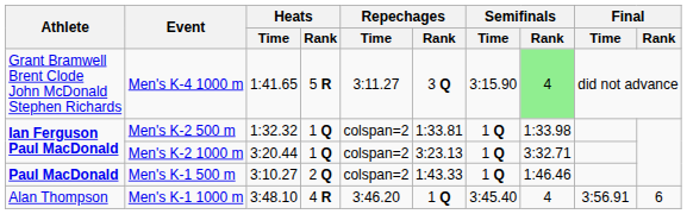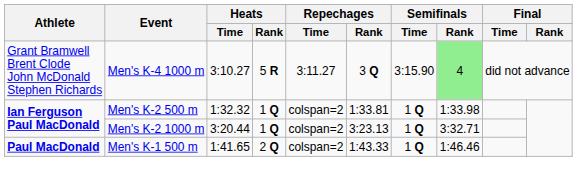 <table class="wikitable" style="font-size:90%;text-align:center;">
 <tr>
 <th rowspan=2>Athlete</th>
 <th rowspan=2>Event</th>
 <th colspan=2>Heats</th>
 <th colspan=2>Repechages</th>
 <th colspan=2>Semifinals</th>
 <th colspan=2>Final</th>
 </tr>
 <tr style="font-size:95%">
 <th>Time</th>
 <th>Rank</th>
 <th>Time</th>
 <th>Rank</th>
 <th>Time</th>
 <th>Rank</th>
 <th>Time</th>
 <th>Rank</th>
 </tr>
 <tr>
 <td align=left><a href='#'>Grant Bramwell</a><br><a href='#'>Brent Clode</a><br><a href='#'>John McDonald</a><br><a href='#'>Stephen Richards</a></td>
 <td align=left><a href='#'>Men's K-4 1000 m</a></td>
-<td>1:41.65</td>
+<td>3:10.27</td>
 <td>5 <strong>R</strong></td>
 <td>3:11.27</td>
 <td>3 <strong>Q</strong></td>
 <td>3:15.90</td>
 <td style="background: lightgreen;">4</td>
 <td colspan=2>did not advance</td>
 </tr>
 <tr>
 <td rowspan=2 align=left><strong><a href='#'>Ian Ferguson</a><br><a href='#'>Paul MacDonald</a></strong></td>
 <td align=left><a href='#'>Men's K-2 500 m</a></td>
 <td>1:32.32</td>
 <td>1 <strong>Q</strong></td>
 <td>colspan=2 </td>
 <td>1:33.81</td>
 <td>1 <strong>Q</strong></td>
 <td>1:33.98</td>
 <td></td>
 </tr>
 <tr>
 <td align=left><a href='#'>Men's K-2 1000 m</a></td>
 <td>3:20.44</td>
 <td>1 <strong>Q</strong></td>
 <td>colspan=2 </td>
 <td>3:23.13</td>
 <td>1 <strong>Q</strong></td>
 <td>3:32.71</td>
 <td></td>
 </tr>
 <tr>
 <td align=left><strong><a href='#'>Paul MacDonald</a></strong></td>
 <td align=left><a href='#'>Men's K-1 500 m</a></td>
-<td>3:10.27</td>
+<td>1:41.65</td>
 <td>2 <strong>Q</strong></td>
 <td>colspan=2 </td>
 <td>1:43.33</td>
 <td>1 <strong>Q</strong></td>
 <td>1:46.46</td>
 <td></td>
 </tr>
-<tr>
-<td align=left><a href='#'>Alan Thompson</a></td>
-<td align=left><a href='#'>Men's K-1 1000 m</a></td>
-<td>3:48.10</td>
-<td>4 <strong>R</strong></td>
-<td>3:46.20</td>
-<td>1 <strong>Q</strong></td>
-<td>3:45.40</td>
-<td>4 </td>
-<td>3:56.91</td>
-<td>6</td>
-</tr>
 </table>
